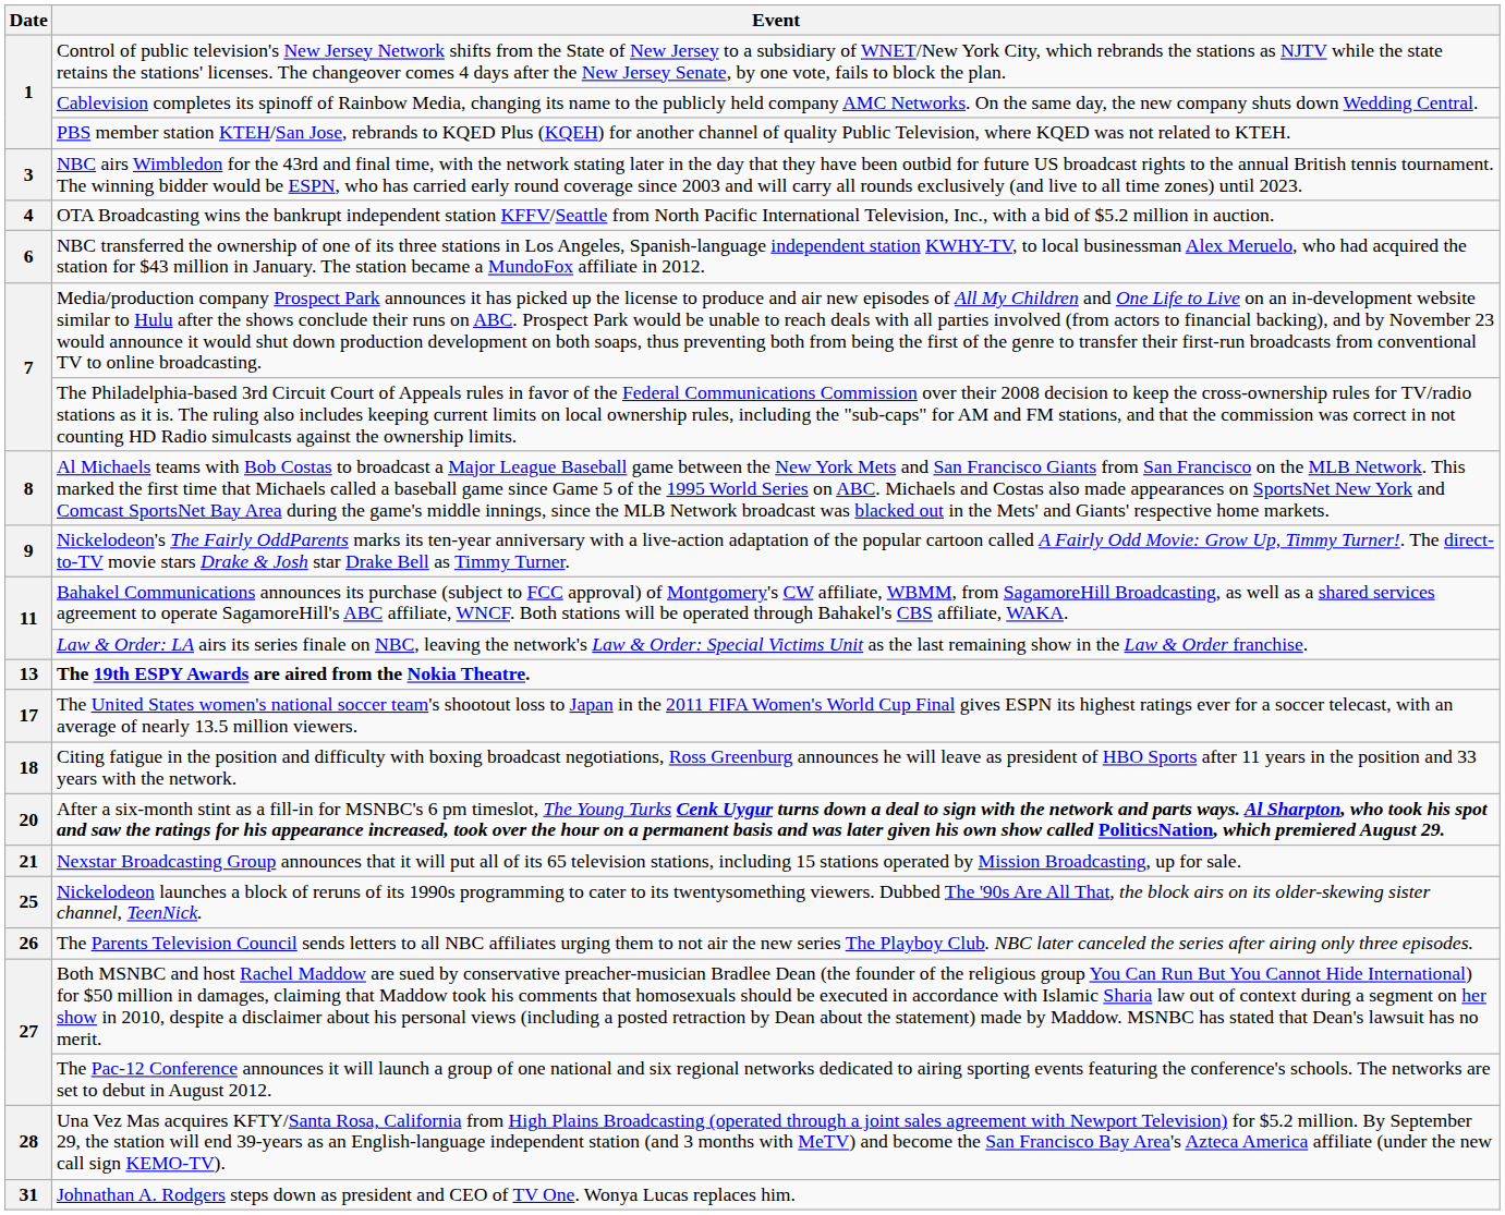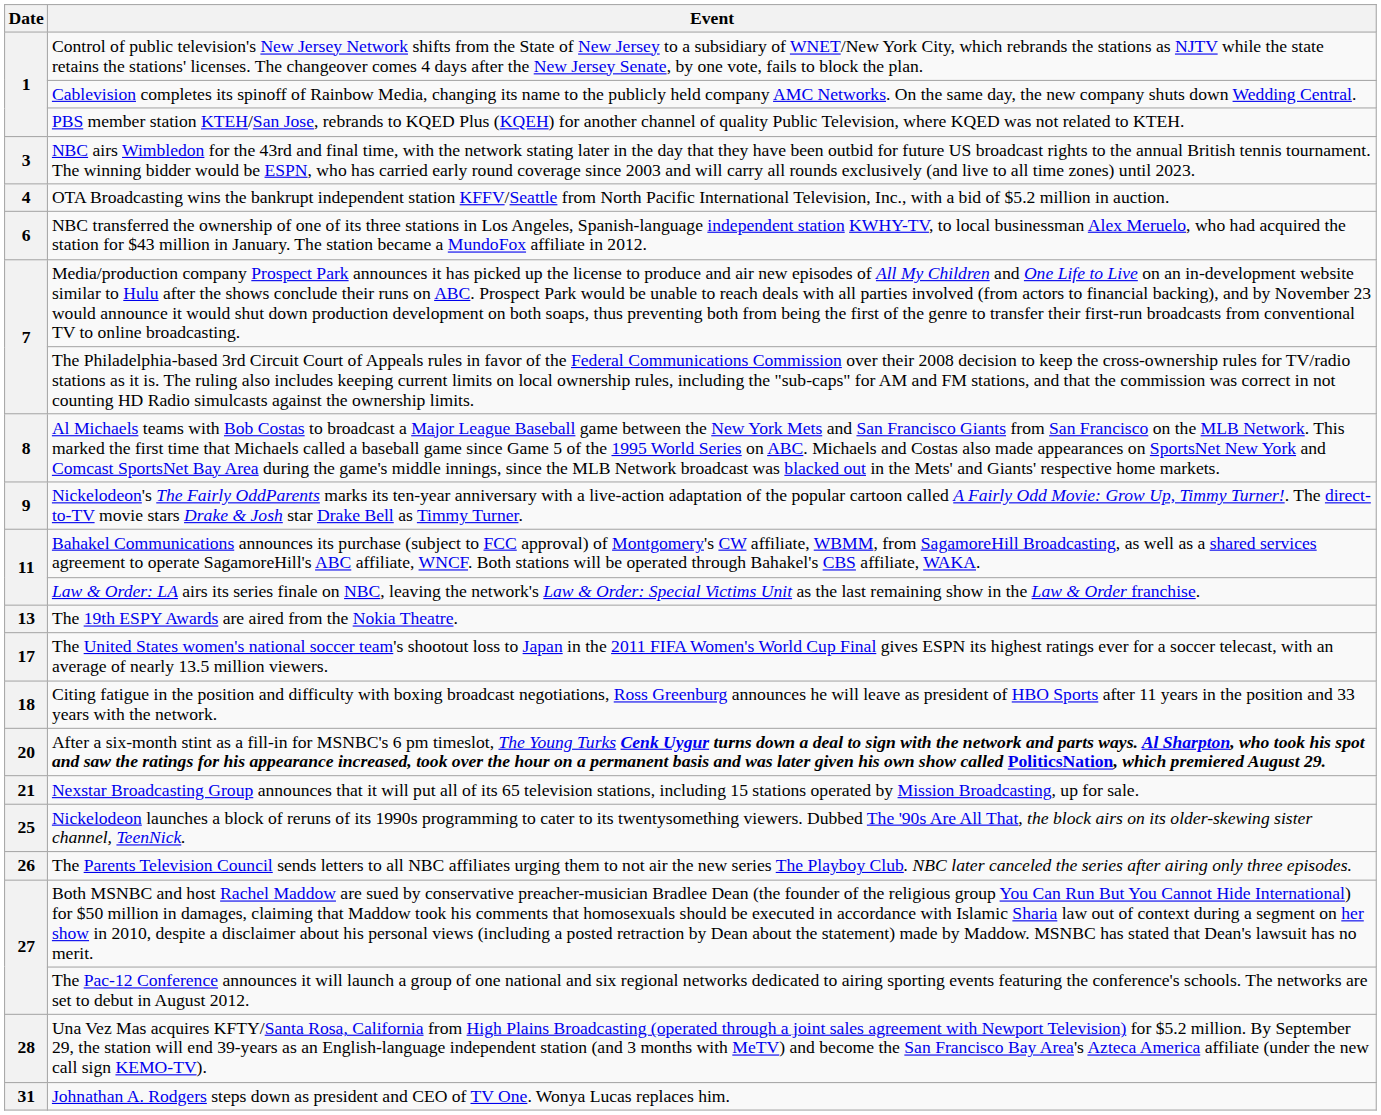 <table class="wikitable">
 <tr>
 <th>Date</th>
 <th>Event</th>
 </tr>
 <tr>
 <th rowspan="3">1</th>
 <td>Control of public television's <a href='#'>New Jersey Network</a> shifts from the State of <a href='#'>New Jersey</a> to a subsidiary of <a href='#'>WNET</a>/New York City, which rebrands the stations as <a href='#'>NJTV</a> while the state retains the stations' licenses.  The changeover comes 4 days after the <a href='#'>New Jersey Senate</a>, by one vote, fails to block the plan.</td>
 </tr>
 <tr>
 <td><a href='#'>Cablevision</a> completes its spinoff of Rainbow Media, changing its name to the publicly held company <a href='#'>AMC Networks</a>. On the same day, the new company shuts down <a href='#'>Wedding Central</a>.</td>
 </tr>
 <tr>
 <td><a href='#'>PBS</a> member station <a href='#'>KTEH</a>/<a href='#'>San Jose</a>, rebrands to KQED Plus (<a href='#'>KQEH</a>) for another channel of quality Public Television, where KQED was not related to KTEH.</td>
 </tr>
 <tr>
 <th>3</th>
 <td><a href='#'>NBC</a> airs <a href='#'>Wimbledon</a> for the 43rd and final time, with the network stating later in the day that they have been outbid for future US broadcast rights to the annual British tennis tournament. The winning bidder would be <a href='#'>ESPN</a>, who has carried early round coverage since 2003 and will carry all rounds exclusively (and live to all time zones) until 2023.</td>
 </tr>
 <tr>
 <th>4</th>
 <td>OTA Broadcasting wins the bankrupt independent station <a href='#'>KFFV</a>/<a href='#'>Seattle</a> from North Pacific International Television, Inc., with a bid of $5.2 million in auction.</td>
 </tr>
 <tr>
 <th>6</th>
 <td>NBC transferred the ownership of one of its three stations in Los Angeles, Spanish-language <a href='#'>independent station</a> <a href='#'>KWHY-TV</a>, to local businessman <a href='#'>Alex Meruelo</a>, who had acquired the station for $43 million in January. The station became a <a href='#'>MundoFox</a> affiliate in 2012.</td>
 </tr>
 <tr>
 <th rowspan="2">7</th>
 <td>Media/production company <a href='#'>Prospect Park</a> announces it has picked up the license to produce and air new episodes of <em><a href='#'>All My Children</a></em> and <em><a href='#'>One Life to Live</a></em> on an in-development website similar to <a href='#'>Hulu</a> after the shows conclude their runs on <a href='#'>ABC</a>.  Prospect Park would be unable to reach deals with all parties involved (from actors to financial backing), and by November 23 would announce it would shut down production development on both soaps, thus preventing both from being the first of the genre to transfer their first-run broadcasts from conventional TV to online broadcasting.</td>
 </tr>
 <tr>
 <td>The Philadelphia-based 3rd Circuit Court of Appeals rules in favor of the <a href='#'>Federal Communications Commission</a> over their 2008 decision to keep the cross-ownership rules for TV/radio stations as it is. The ruling also includes keeping current limits on local ownership rules, including the "sub-caps" for AM and FM stations, and that the commission was correct in not counting HD Radio simulcasts against the ownership limits.</td>
 </tr>
 <tr>
 <th>8</th>
 <td><a href='#'>Al Michaels</a> teams with <a href='#'>Bob Costas</a> to broadcast a <a href='#'>Major League Baseball</a> game between the <a href='#'>New York Mets</a> and <a href='#'>San Francisco Giants</a> from <a href='#'>San Francisco</a> on the <a href='#'>MLB Network</a>. This marked the first time that Michaels called a baseball game since Game 5 of the <a href='#'>1995 World Series</a> on <a href='#'>ABC</a>. Michaels and Costas also made appearances on <a href='#'>SportsNet New York</a> and <a href='#'>Comcast SportsNet Bay Area</a> during the game's middle innings, since the MLB Network broadcast was <a href='#'>blacked out</a> in the Mets' and Giants' respective home markets.</td>
 </tr>
 <tr>
 <th>9</th>
 <td><a href='#'>Nickelodeon</a>'s <em><a href='#'>The Fairly OddParents</a></em> marks its ten-year anniversary with a live-action adaptation of the popular cartoon called <em><a href='#'>A Fairly Odd Movie: Grow Up, Timmy Turner!</a></em>. The <a href='#'>direct-to-TV</a> movie stars <em><a href='#'>Drake & Josh</a></em> star <a href='#'>Drake Bell</a> as <a href='#'>Timmy Turner</a>.</td>
 </tr>
 <tr>
 <th rowspan="2">11</th>
 <td><a href='#'>Bahakel Communications</a> announces its purchase (subject to <a href='#'>FCC</a> approval) of <a href='#'>Montgomery</a>'s <a href='#'>CW</a> affiliate, <a href='#'>WBMM</a>, from <a href='#'>SagamoreHill Broadcasting</a>, as well as a <a href='#'>shared services</a> agreement to operate SagamoreHill's <a href='#'>ABC</a> affiliate, <a href='#'>WNCF</a>. Both stations will be operated through Bahakel's <a href='#'>CBS</a> affiliate, <a href='#'>WAKA</a>.</td>
 </tr>
 <tr>
 <td><em><a href='#'>Law & Order: LA</a></em> airs its series finale on <a href='#'>NBC</a>, leaving the network's <em><a href='#'>Law & Order: Special Victims Unit</a></em> as the last remaining show in the <a href='#'><em>Law & Order</em> franchise</a>.</td>
 </tr>
 <tr>
 <th>13</th>
-<td><strong>The <a href='#'>19th ESPY Awards</a> are aired from the <a href='#'>Nokia Theatre</a>.</strong></td>
+<td>The <a href='#'>19th ESPY Awards</a> are aired from the <a href='#'>Nokia Theatre</a>.</td>
 </tr>
 <tr>
 <th>17</th>
 <td>The <a href='#'>United States women's national soccer team</a>'s shootout loss to <a href='#'>Japan</a> in the <a href='#'>2011 FIFA Women's World Cup Final</a> gives ESPN its highest ratings ever for a soccer telecast, with an average of nearly 13.5 million viewers.</td>
 </tr>
 <tr>
 <th>18</th>
 <td>Citing fatigue in the position and difficulty with boxing broadcast negotiations, <a href='#'>Ross Greenburg</a> announces he will leave as president of <a href='#'>HBO Sports</a> after 11 years in the position and 33 years with the network.</td>
 </tr>
 <tr>
 <th>20</th>
 <td>After a six-month stint as a fill-in for MSNBC's 6 pm timeslot, <em><a href='#'>The Young Turks</a><strong> <a href='#'>Cenk Uygur</a> turns down a deal to sign with the network and parts ways. <a href='#'>Al Sharpton</a>, who took his spot and saw the ratings for his appearance increased, took over the hour on a permanent basis and was later given his own show called </em><a href='#'>PoliticsNation</a><em>, which premiered August 29.</td>
 </tr>
 <tr>
 <th>21</th>
 <td><a href='#'>Nexstar Broadcasting Group</a> announces that it will put all of its 65 television stations, including 15 stations operated by <a href='#'>Mission Broadcasting</a>, up for sale.</td>
 </tr>
 <tr>
 <th>25</th>
 <td><a href='#'>Nickelodeon</a> launches a block of reruns of its 1990s programming to cater to its twentysomething viewers. Dubbed </em><a href='#'>The '90s Are All That</a><em>, the block airs on its older-skewing sister channel, <a href='#'>TeenNick</a>.</td>
 </tr>
 <tr>
 <th>26</th>
 <td>The <a href='#'>Parents Television Council</a> sends letters to all NBC affiliates urging them to not air the new series </em><a href='#'>The Playboy Club</a><em>. NBC later canceled the series after airing only three episodes.</td>
 </tr>
 <tr>
 <th rowspan="2">27</th>
 <td>Both MSNBC and host <a href='#'>Rachel Maddow</a> are sued by conservative preacher-musician Bradlee Dean (the founder of the religious group <a href='#'>You Can Run But You Cannot Hide International</a>) for $50 million in damages, claiming that Maddow took his comments that homosexuals should be executed in accordance with Islamic <a href='#'>Sharia</a> law out of context during a segment on <a href='#'>her show</a> in 2010, despite a disclaimer about his personal views (including a posted retraction by Dean about the statement) made by Maddow. MSNBC has stated that Dean's lawsuit has no merit.</td>
 </tr>
 <tr>
 <td>The <a href='#'>Pac-12 Conference</a> announces it will launch a group of one national and six regional networks dedicated to airing sporting events featuring the conference's schools. The networks are set to debut in August 2012.</td>
 </tr>
 <tr>
 <th>28</th>
 <td>Una Vez Mas acquires KFTY/<a href='#'>Santa Rosa, California</a> from <a href='#'>High Plains Broadcasting (operated through a joint sales agreement with Newport Television)</a> for $5.2 million.  By September 29, the station will end 39-years as an English-language independent station (and 3 months with <a href='#'>MeTV</a>) and become the <a href='#'>San Francisco Bay Area</a>'s <a href='#'>Azteca America</a> affiliate (under the new call sign <a href='#'>KEMO-TV</a>).</td>
 </tr>
 <tr>
 <th>31</th>
 <td><a href='#'>Johnathan A. Rodgers</a> steps down as president and CEO of <a href='#'>TV One</a>. Wonya Lucas replaces him.</td>
 </tr>
 </table>
